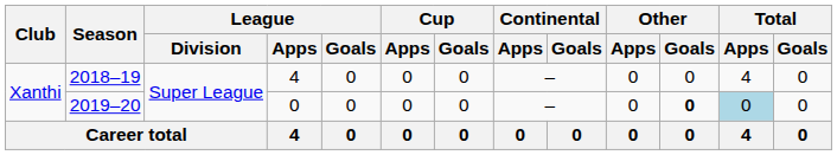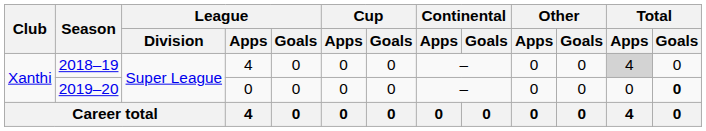 <table class="wikitable" style="text-align: center">
 <tr>
 <th rowspan="2">Club</th>
 <th rowspan="2">Season</th>
 <th colspan="3">League</th>
 <th colspan="2">Cup</th>
 <th colspan="2">Continental</th>
 <th colspan="2">Other</th>
 <th colspan="2">Total</th>
 </tr>
 <tr>
 <th>Division</th>
 <th>Apps</th>
 <th>Goals</th>
 <th>Apps</th>
 <th>Goals</th>
 <th>Apps</th>
 <th>Goals</th>
 <th>Apps</th>
 <th>Goals</th>
 <th>Apps</th>
 <th>Goals</th>
 </tr>
 <tr>
 <td rowspan="2"><a href='#'>Xanthi</a></td>
 <td><a href='#'>2018–19</a></td>
 <td rowspan="2"><a href='#'>Super League</a></td>
 <td>4</td>
 <td>0</td>
 <td>0</td>
 <td>0</td>
 <td colspan="2">–</td>
 <td>0</td>
 <td>0</td>
-<td>4</td>
+<td style="background: lightgrey;">4</td>
 <td>0</td>
 </tr>
 <tr>
 <td><a href='#'>2019–20</a></td>
 <td>0</td>
 <td>0</td>
 <td>0</td>
 <td>0</td>
 <td colspan="2">–</td>
 <td>0</td>
+<td>0</td>
+<td>0</td>
 <td><strong>0</strong></td>
-<td style="background: lightblue;">0</td>
-<td>0</td>
 </tr>
 <tr>
 <th colspan="3"><strong>Career total</strong></th>
 <th>4</th>
 <th>0</th>
 <th>0</th>
 <th>0</th>
 <th>0</th>
 <th>0</th>
 <th>0</th>
 <th>0</th>
 <th>4</th>
 <th>0</th>
 </tr>
 </table>
